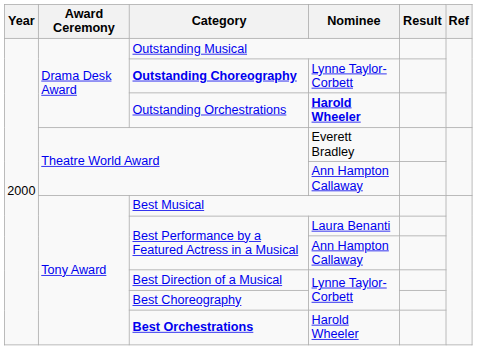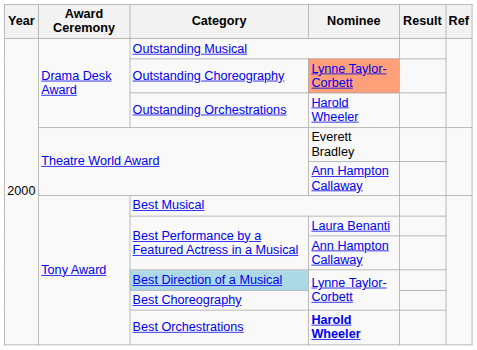 <table class="wikitable" width="95%">
 <tr>
 <th width="5%">Year</th>
 <th width="20%">Award Ceremony</th>
 <th width="40%">Category</th>
 <th width="20%">Nominee</th>
 <th width="10%">Result</th>
 <th width="5%">Ref</th>
 </tr>
 <tr>
 <td rowspan="11" align="center">2000</td>
 <td rowspan="3"><a href='#'>Drama Desk Award</a></td>
 <td colspan="2"><a href='#'>Outstanding Musical</a></td>
 <td></td>
 <td rowspan="3" align="center"></td>
 </tr>
 <tr>
-<td><strong><a href='#'>Outstanding Choreography</a></strong></td>
-<td><a href='#'>Lynne Taylor-Corbett</a></td>
+<td><a href='#'>Outstanding Choreography</a></td>
+<td style="background: lightsalmon;"><a href='#'>Lynne Taylor-Corbett</a></td>
 <td></td>
 </tr>
 <tr>
 <td><a href='#'>Outstanding Orchestrations</a></td>
-<td><strong><a href='#'>Harold Wheeler</a></strong></td>
+<td><a href='#'>Harold Wheeler</a></td>
 <td></td>
 </tr>
 <tr>
 <td rowspan="2" colspan="2"><a href='#'>Theatre World Award</a></td>
 <td>Everett Bradley</td>
 <td></td>
 <td rowspan="2" align="center"></td>
 </tr>
 <tr>
 <td><a href='#'>Ann Hampton Callaway</a></td>
 <td></td>
 </tr>
 <tr>
 <td rowspan="6"><a href='#'>Tony Award</a></td>
 <td colspan="2"><a href='#'>Best Musical</a></td>
 <td></td>
 <td rowspan="6" align="center"><br></td>
 </tr>
 <tr>
 <td rowspan="2"><a href='#'>Best Performance by a Featured Actress in a Musical</a></td>
 <td><a href='#'>Laura Benanti</a></td>
 <td></td>
 </tr>
 <tr>
 <td><a href='#'>Ann Hampton Callaway</a></td>
 <td></td>
 </tr>
 <tr>
-<td><a href='#'>Best Direction of a Musical</a></td>
+<td style="background: lightblue;"><a href='#'>Best Direction of a Musical</a></td>
 <td rowspan="2"><a href='#'>Lynne Taylor-Corbett</a></td>
 <td></td>
 </tr>
 <tr>
 <td><a href='#'>Best Choreography</a></td>
 <td></td>
 </tr>
 <tr>
-<td><strong><a href='#'>Best Orchestrations</a></strong></td>
-<td><a href='#'>Harold Wheeler</a></td>
+<td><a href='#'>Best Orchestrations</a></td>
+<td><strong><a href='#'>Harold Wheeler</a></strong></td>
 <td></td>
 </tr>
 </table>
